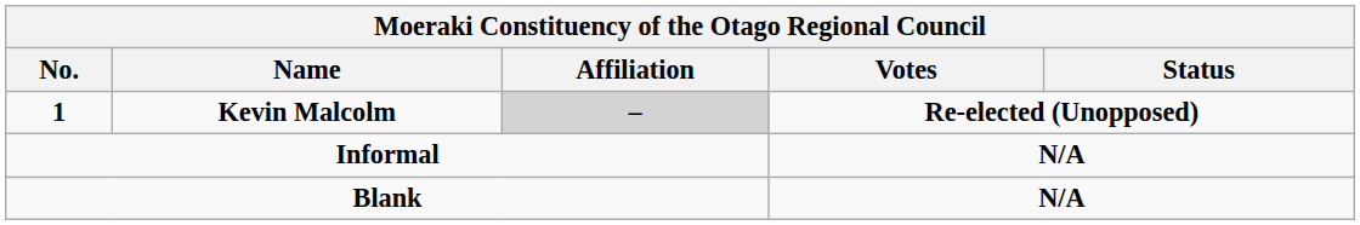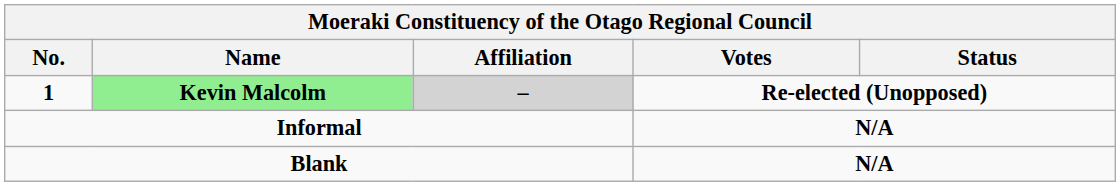 <table class="wikitable" style="text-align: center; width:50em">
 <tr>
 <th colspan="5">Moeraki Constituency of the Otago Regional Council</th>
 </tr>
 <tr>
 <th>No.</th>
 <th>Name</th>
 <th>Affiliation</th>
 <th>Votes</th>
 <th>Status</th>
 </tr>
 <tr>
 <td><strong>1</strong></td>
-<td><strong>Kevin Malcolm</strong></td>
+<td style="background: lightgreen;"><strong>Kevin Malcolm</strong></td>
 <td bgcolor="lightgrey"><strong>–</strong></td>
 <td colspan="2"><strong>Re-elected (Unopposed) </strong></td>
 </tr>
 <tr>
 <td colspan="3"><strong>Informal</strong></td>
 <td colspan="2"><strong>N/A</strong></td>
 </tr>
 <tr>
 <td colspan="3"><strong>Blank</strong></td>
 <td colspan="2"><strong>N/A</strong></td>
 </tr>
 </table>
